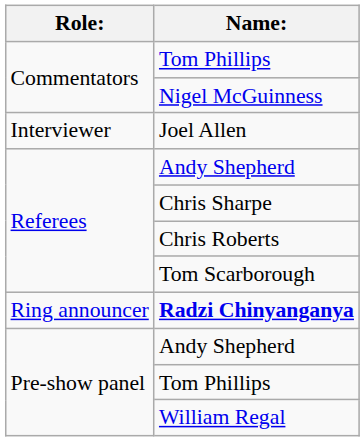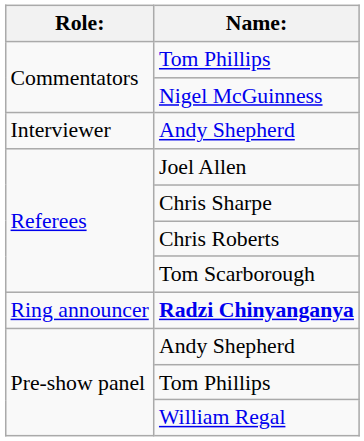 <table class=wikitable style="font-size:90%; margin: 0.5em 0 0.5em 1em; float: right; clear: right;">
 <tr>
 <th>Role:</th>
 <th>Name:</th>
 </tr>
 <tr>
 <td rowspan=2>Commentators</td>
 <td><a href='#'>Tom Phillips</a></td>
 </tr>
 <tr>
 <td><a href='#'>Nigel McGuinness</a></td>
 </tr>
 <tr>
 <td rowspan=1>Interviewer</td>
-<td>Joel Allen</td>
+<td><a href='#'>Andy Shepherd</a></td>
 </tr>
 <tr>
 <td rowspan=4><a href='#'>Referees</a></td>
-<td><a href='#'>Andy Shepherd</a></td>
+<td>Joel Allen</td>
 </tr>
 <tr>
 <td>Chris Sharpe</td>
 </tr>
 <tr>
 <td>Chris Roberts</td>
 </tr>
 <tr>
 <td>Tom Scarborough</td>
 </tr>
 <tr>
 <td rowspan=1><a href='#'>Ring announcer</a></td>
 <td><strong><a href='#'>Radzi Chinyanganya</a></strong></td>
 </tr>
 <tr>
 <td rowspan=3>Pre-show panel</td>
 <td>Andy Shepherd</td>
 </tr>
 <tr>
 <td>Tom Phillips</td>
 </tr>
 <tr>
 <td><a href='#'>William Regal</a></td>
 </tr>
 </table>
